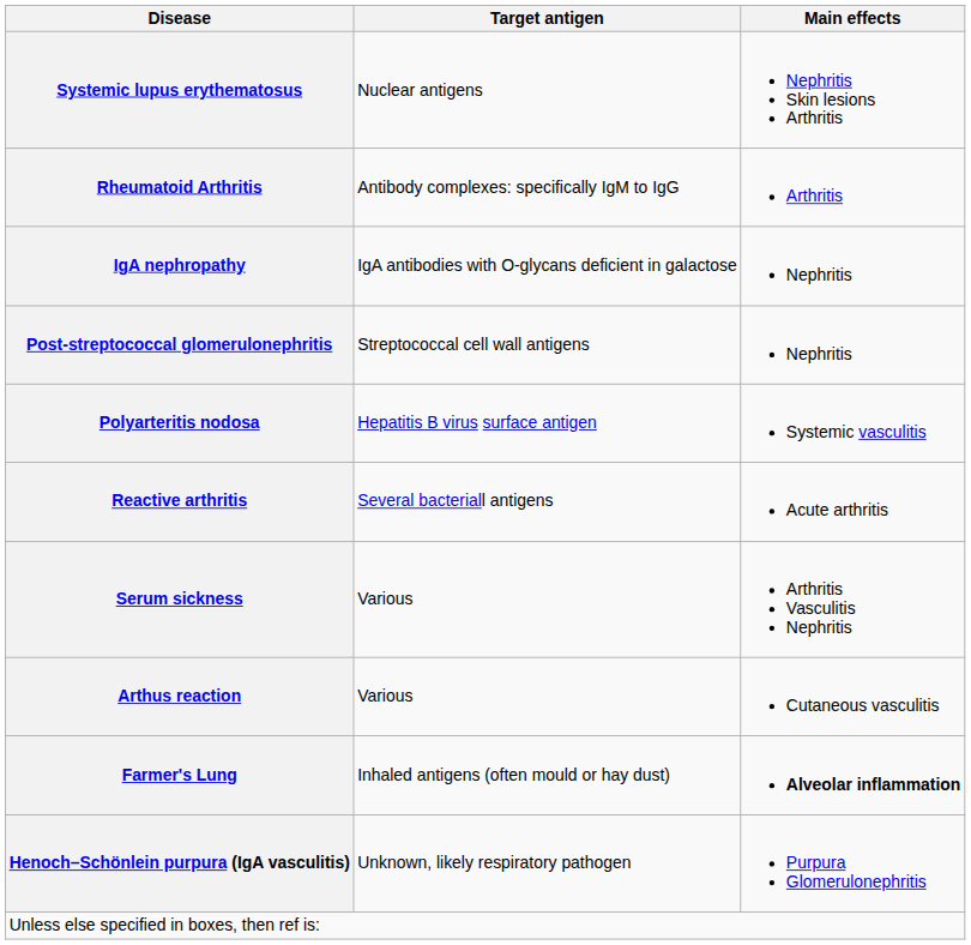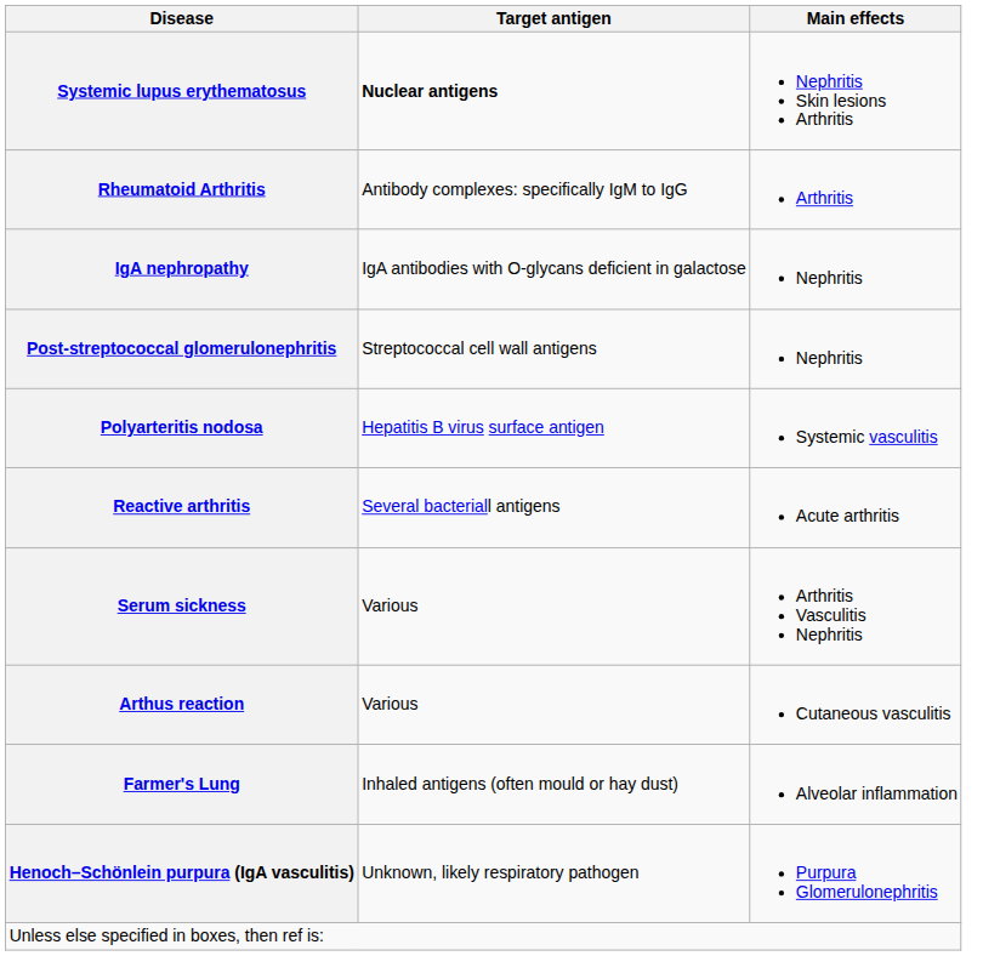 <table class="wikitable">
 <tr>
 <th>Disease</th>
 <th>Target antigen</th>
 <th>Main effects</th>
 </tr>
 <tr>
 <th><a href='#'>Systemic lupus erythematosus</a></th>
-<td>Nuclear antigens</td>
+<td><strong>Nuclear antigens</strong></td>
 <td><br><ul><li><a href='#'>Nephritis</a></li><li>Skin lesions</li><li>Arthritis</li></ul></td>
 </tr>
 <tr>
 <th><a href='#'>Rheumatoid Arthritis</a></th>
 <td>Antibody complexes: specifically IgM to IgG</td>
 <td><br><ul><li><a href='#'>Arthritis</a></li></ul></td>
 </tr>
 <tr>
 <th><a href='#'>IgA nephropathy</a></th>
 <td>IgA antibodies with O-glycans deficient in galactose</td>
 <td><br><ul><li>Nephritis</li></ul></td>
 </tr>
 <tr>
 <th><a href='#'>Post-streptococcal glomerulonephritis</a></th>
 <td>Streptococcal cell wall antigens</td>
 <td><br><ul><li>Nephritis</li></ul></td>
 </tr>
 <tr>
 <th><a href='#'>Polyarteritis nodosa</a></th>
 <td><a href='#'>Hepatitis B virus</a> <a href='#'>surface antigen</a></td>
 <td><br><ul><li>Systemic <a href='#'>vasculitis</a></li></ul></td>
 </tr>
 <tr>
 <th><a href='#'>Reactive arthritis</a></th>
 <td><a href='#'>Several bacterial</a>l antigens</td>
 <td><br><ul><li>Acute arthritis</li></ul></td>
 </tr>
 <tr>
 <th><a href='#'>Serum sickness</a></th>
 <td>Various</td>
 <td><br><ul><li>Arthritis</li><li>Vasculitis</li><li>Nephritis</li></ul></td>
 </tr>
 <tr>
 <th><a href='#'>Arthus reaction</a></th>
 <td>Various</td>
 <td><br><ul><li>Cutaneous vasculitis</li></ul></td>
 </tr>
 <tr>
 <th><a href='#'>Farmer's Lung</a></th>
 <td>Inhaled antigens (often mould or hay dust)</td>
-<td><strong><br><ul><li>Alveolar inflammation</li></ul></strong></td>
+<td><br><ul><li>Alveolar inflammation</li></ul></td>
 </tr>
 <tr>
 <th><a href='#'>Henoch–Schönlein purpura</a> (IgA vasculitis)</th>
 <td>Unknown, likely respiratory pathogen</td>
 <td><br><ul><li><a href='#'>Purpura</a></li><li><a href='#'>Glomerulonephritis</a></li></ul></td>
 </tr>
 <tr>
 <td colspan=4><span> Unless else specified in boxes, then ref is:</span></td>
 </tr>
 </table>
